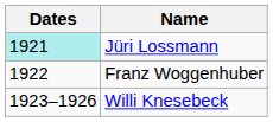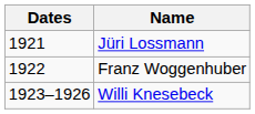 <table class="wikitable">
 <tr>
 <th>Dates</th>
 <th>Name</th>
 </tr>
 <tr>
-<td style="background: paleturquoise;">1921</td>
+<td>1921</td>
 <td> <a href='#'>Jüri Lossmann</a></td>
 </tr>
 <tr>
 <td>1922</td>
 <td> Franz Woggenhuber</td>
 </tr>
 <tr>
 <td>1923–1926</td>
 <td> <a href='#'>Willi Knesebeck</a></td>
 </tr>
 </table>
